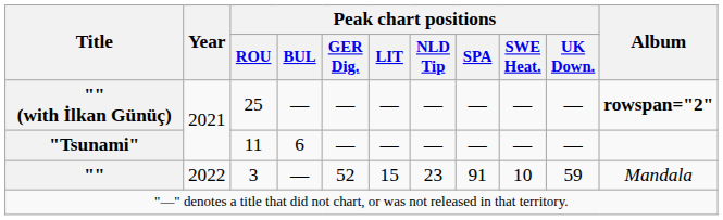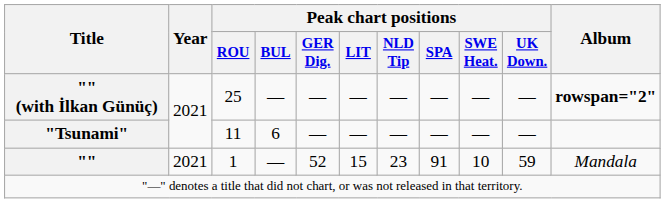 <table class="wikitable plainrowheaders" style="text-align:center;">
 <tr>
 <th scope="col" rowspan="2" style="width:18em;">Title</th>
 <th scope="col" rowspan="2" style="width:1em;">Year</th>
 <th scope="col" colspan="8">Peak chart positions</th>
 <th scope="col" rowspan="2">Album</th>
 </tr>
 <tr>
 <th style="width:3em;font-size:85%"><a href='#'>ROU</a><br></th>
 <th style="width:3em;font-size:85%"><a href='#'>BUL</a><br></th>
 <th style="width:3em;font-size:85%"><a href='#'>GER<br>Dig.</a><br></th>
 <th style="width:3em;font-size:85%"><a href='#'>LIT</a><br></th>
 <th style="width:3em;font-size:85%"><a href='#'>NLD<br>Tip</a><br></th>
 <th style="width:3em;font-size:85%"><a href='#'>SPA</a><br></th>
 <th style="width:3em;font-size:85%"><a href='#'>SWE<br>Heat.</a><br></th>
 <th style="width:3em;font-size:85%"><a href='#'>UK<br>Down.</a><br></th>
 </tr>
 <tr>
 <th scope="row">""<br><span>(with İlkan Günüç)</span></th>
 <td rowspan="2">2021</td>
 <td>25</td>
 <td>—</td>
 <td>—</td>
 <td>—</td>
 <td>—</td>
 <td>—</td>
 <td>—</td>
 <td>—</td>
 <td><strong>rowspan="2" </strong></td>
 </tr>
 <tr>
 <th scope="row">"Tsunami"</th>
 <td>11</td>
 <td>6</td>
 <td>—</td>
 <td>—</td>
 <td>—</td>
 <td>—</td>
 <td>—</td>
 <td>—</td>
 </tr>
 <tr>
 <th scope="row">""</th>
-<td rowspan="1">2022</td>
-<td>3</td>
+<td rowspan="1">2021</td>
+<td>1</td>
 <td>—</td>
 <td>52</td>
 <td>15</td>
 <td>23</td>
 <td>91</td>
 <td>10</td>
 <td>59</td>
 <td><em>Mandala</em></td>
 </tr>
 <tr>
 <td colspan="14" style="font-size:9pt">"—" denotes a title that did not chart, or was not released in that territory.</td>
 </tr>
 </table>
